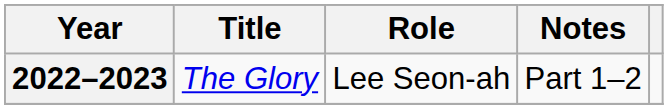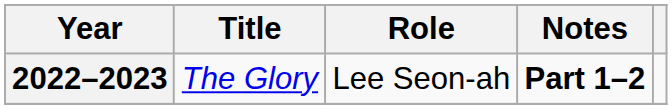 <table class="wikitable sortable plainrowheaders">
 <tr>
 <th scope="col">Year</th>
 <th scope="col">Title</th>
 <th scope="col">Role</th>
 <th scope="col">Notes</th>
 <th scope="col" class="unsortable"></th>
 </tr>
 <tr>
 <th scope="row">2022–2023</th>
 <td><em><a href='#'>The Glory</a></em></td>
 <td>Lee Seon-ah</td>
-<td>Part 1–2</td>
+<td><strong>Part 1–2</strong></td>
 <td></td>
 </tr>
 <tr>
 </tr>
 </table>
